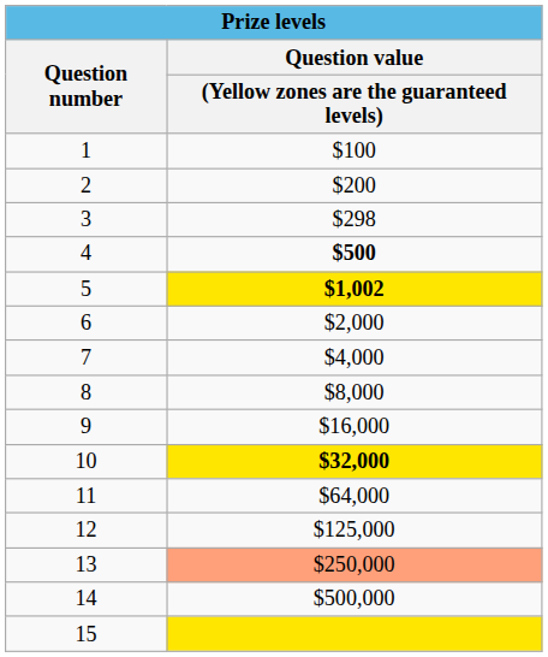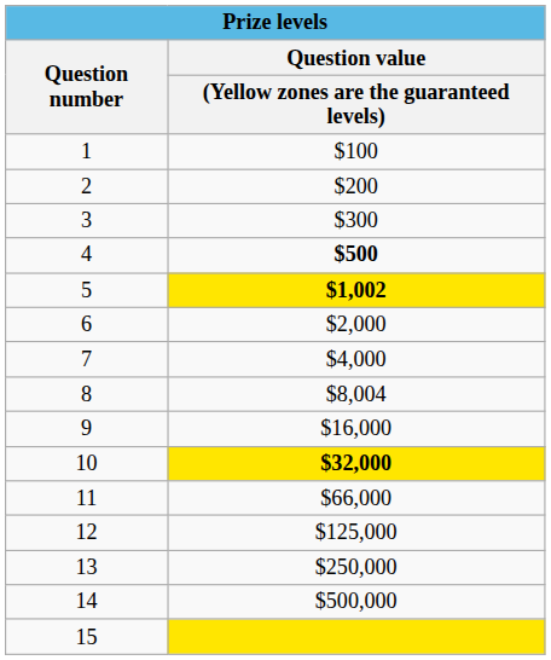 <table class="wikitable" style="text-align:center; border:1px;; cellpadding:2; cellspacing:0; width:25%;">
 <tr>
 <th colspan="2" style="background: #58B9E4">Prize levels</th>
 </tr>
 <tr>
 <th rowspan="2" style="width: 30%">Question number</th>
 <th>Question value</th>
 </tr>
 <tr>
 <th style="width: 70%">(Yellow zones are the guaranteed levels)</th>
 </tr>
 <tr>
 <td>1</td>
 <td>$100</td>
 </tr>
 <tr>
 <td>2</td>
 <td>$200</td>
 </tr>
 <tr>
 <td>3</td>
-<td>$298</td>
+<td>$300</td>
 </tr>
 <tr>
 <td>4</td>
 <td><strong>$500</strong></td>
 </tr>
 <tr>
 <td>5</td>
 <td style="background: #FFE600"><strong>$1,002</strong></td>
 </tr>
 <tr>
 <td>6</td>
 <td>$2,000</td>
 </tr>
 <tr>
 <td>7</td>
 <td>$4,000</td>
 </tr>
 <tr>
 <td>8</td>
-<td>$8,000</td>
+<td>$8,004</td>
 </tr>
 <tr>
 <td>9</td>
 <td>$16,000</td>
 </tr>
 <tr>
 <td>10</td>
 <td style="background: #FFE600"><strong>$32,000</strong></td>
 </tr>
 <tr>
 <td>11</td>
-<td>$64,000</td>
+<td>$66,000</td>
 </tr>
 <tr>
 <td>12</td>
 <td>$125,000</td>
 </tr>
 <tr>
 <td>13</td>
-<td style="background: lightsalmon;">$250,000</td>
+<td>$250,000</td>
 </tr>
 <tr>
 <td>14</td>
 <td>$500,000</td>
 </tr>
 <tr>
 <td>15</td>
 <td style="background: #FFE600"><strong></strong></td>
 </tr>
 </table>
